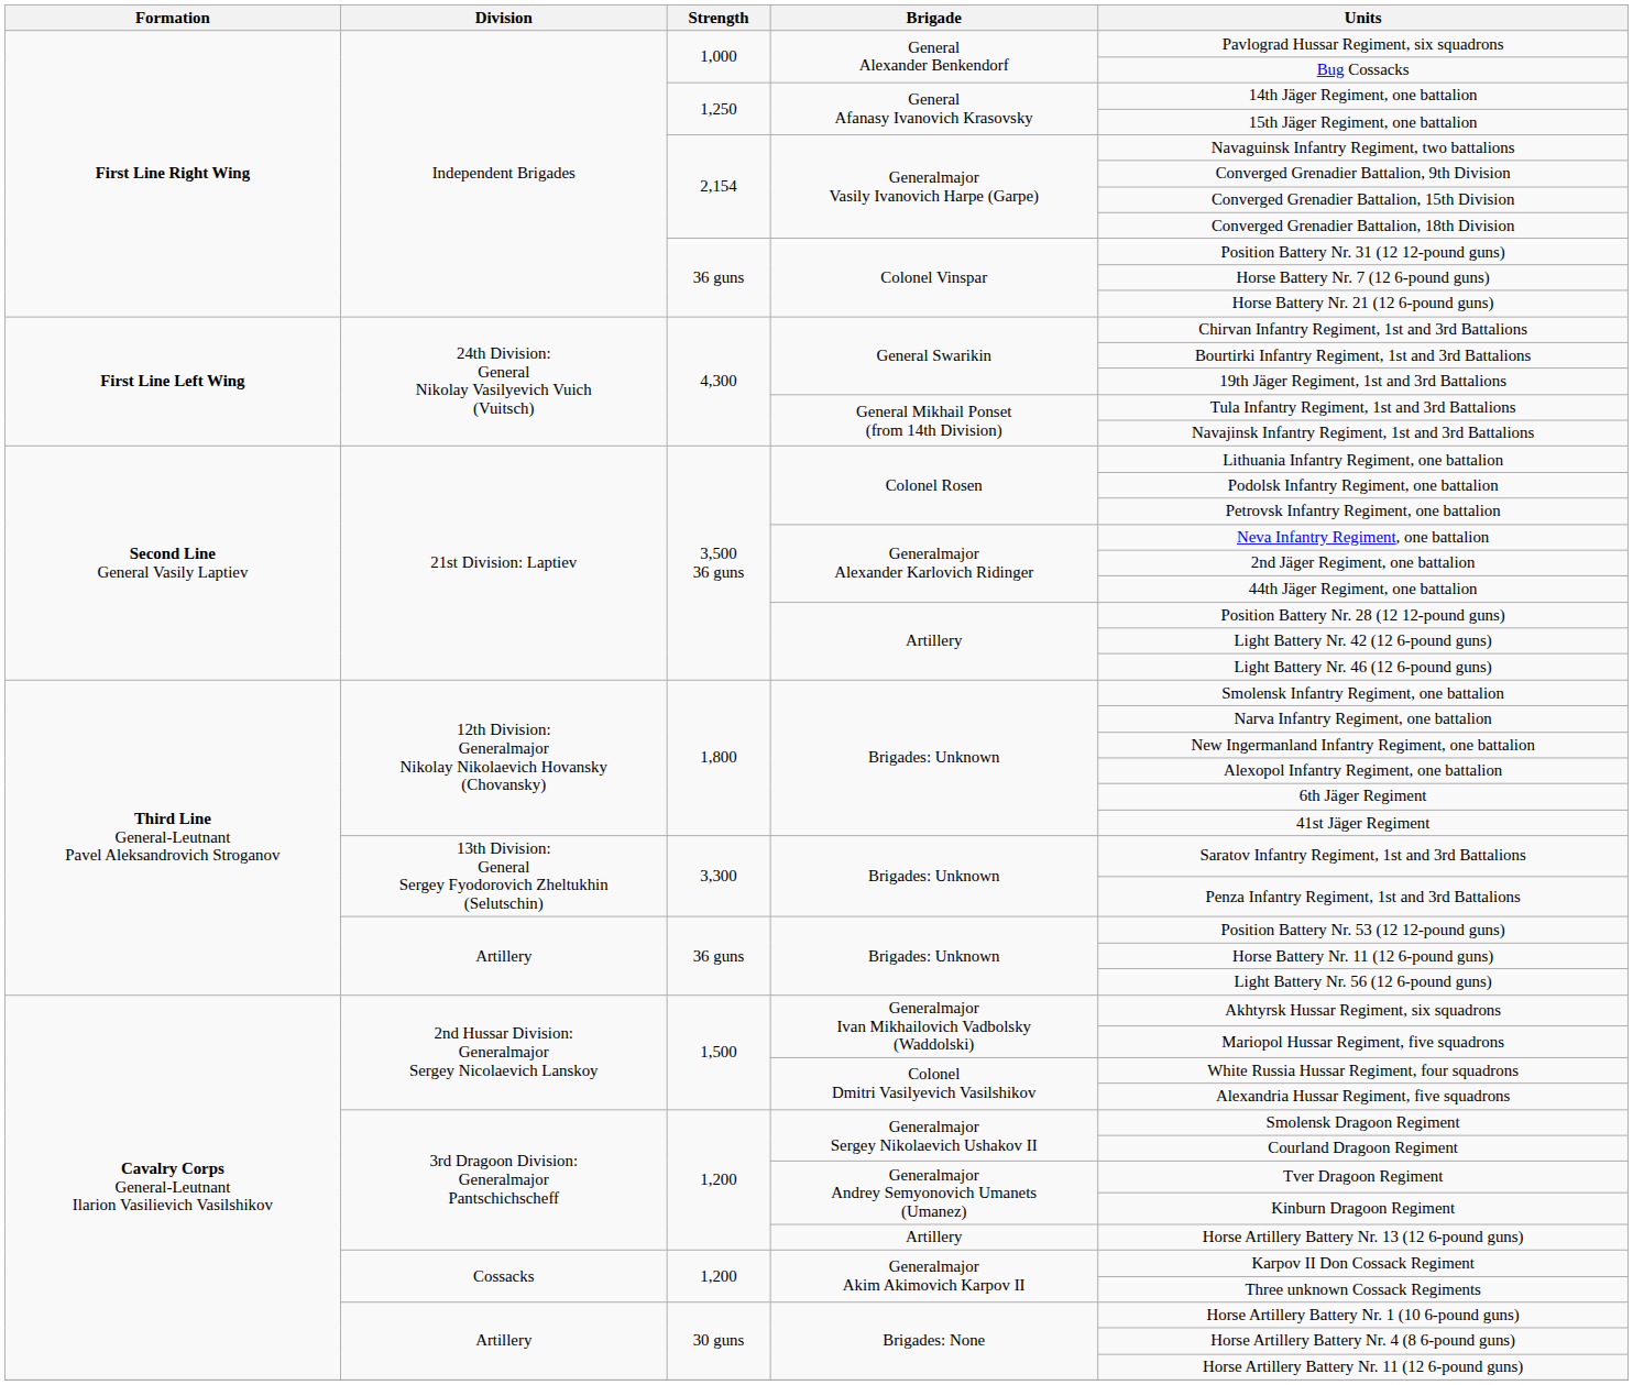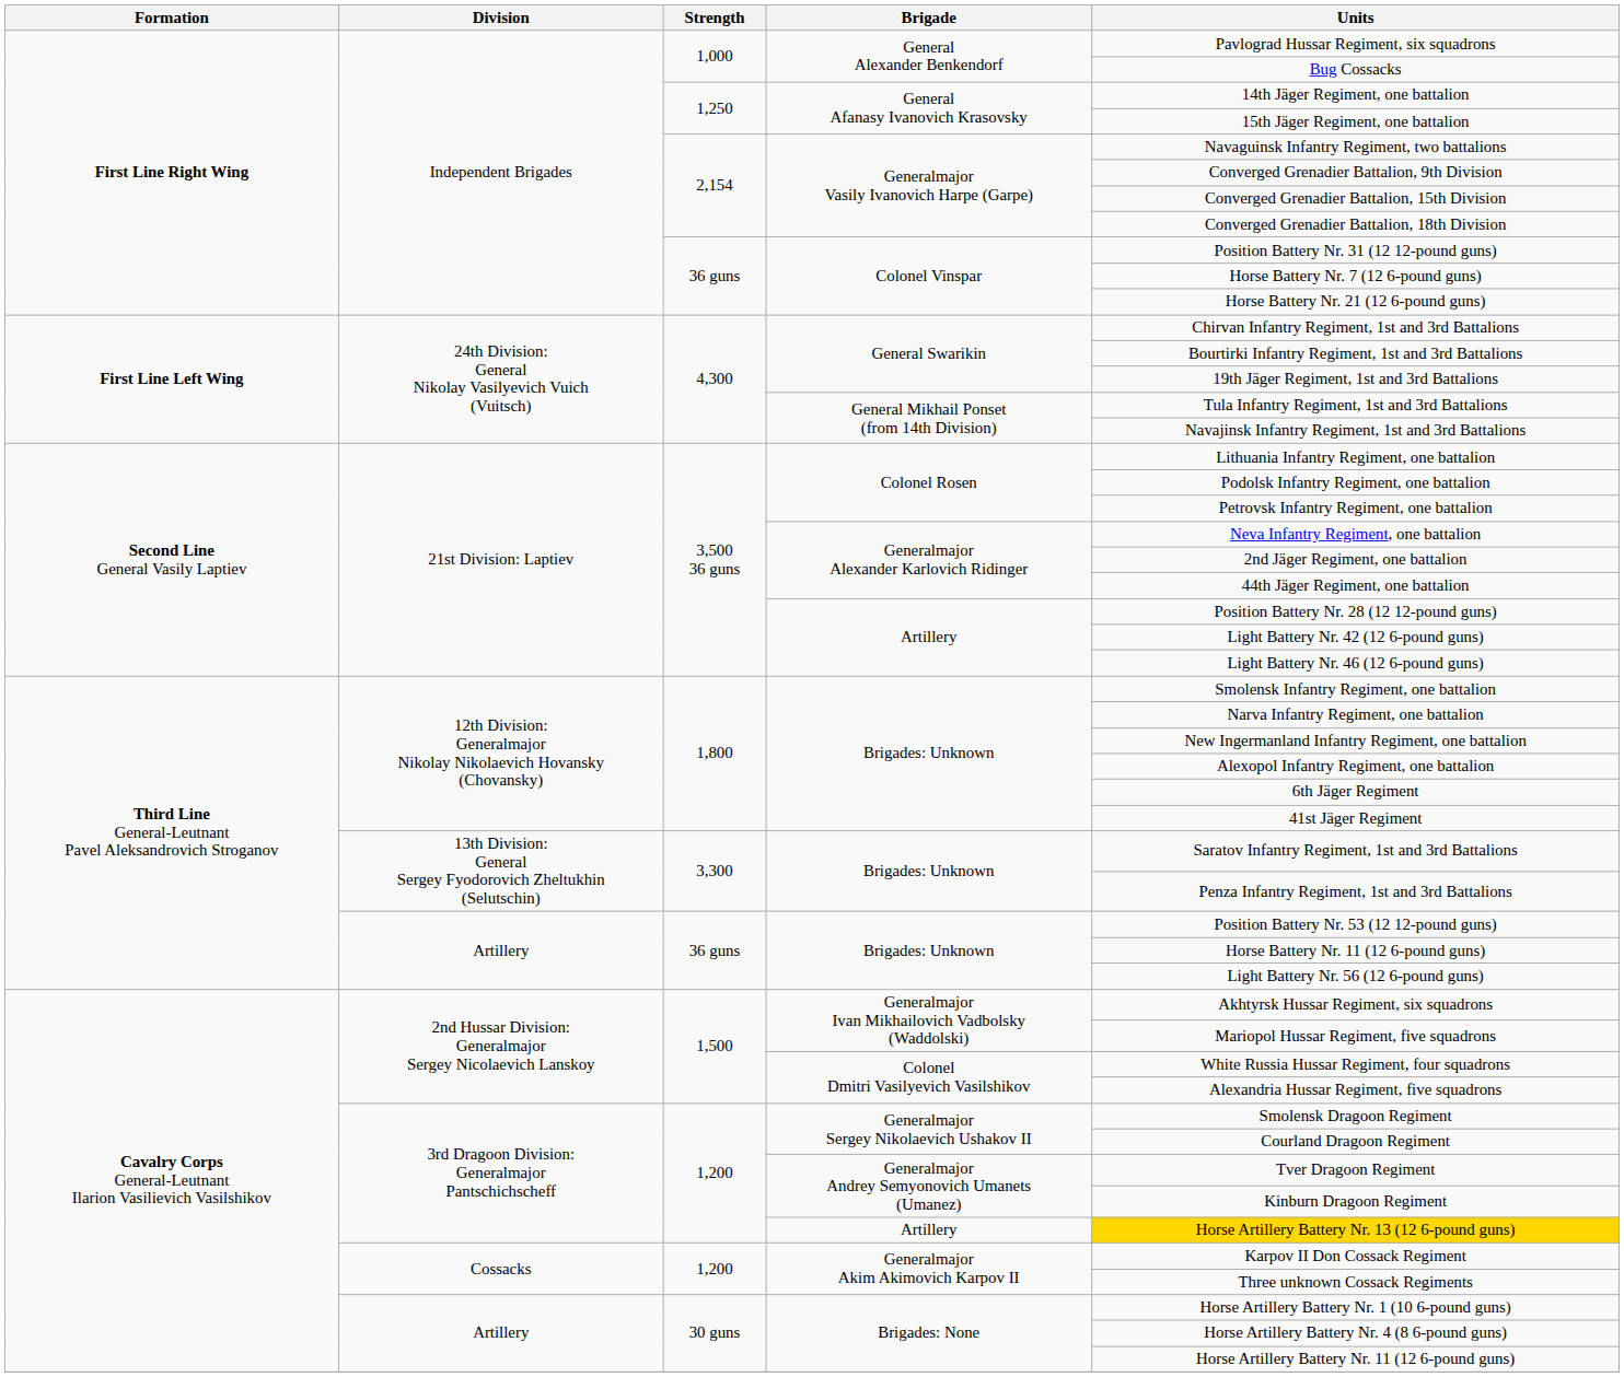 <table class="wikitable collapsible collapsed" style="text-align:center; width:80%;">
 <tr>
 <th>Formation</th>
 <th>Division</th>
 <th>Strength</th>
 <th>Brigade</th>
 <th>Units</th>
 </tr>
 <tr>
 <td ROWSPAN=11><strong>First Line Right Wing</strong></td>
 <td ROWSPAN=11>Independent Brigades</td>
 <td ROWSPAN=2>1,000</td>
 <td ROWSPAN=2>General<br>Alexander Benkendorf</td>
 <td>Pavlograd Hussar Regiment, six squadrons</td>
 </tr>
 <tr>
 <td><a href='#'>Bug</a> Cossacks</td>
 </tr>
 <tr>
 <td ROWSPAN=2>1,250</td>
 <td ROWSPAN=2>General<br>Afanasy Ivanovich Krasovsky</td>
 <td>14th Jäger Regiment, one battalion</td>
 </tr>
 <tr>
 <td>15th Jäger Regiment, one battalion</td>
 </tr>
 <tr>
 <td ROWSPAN=4>2,154</td>
 <td ROWSPAN=4>Generalmajor<br>Vasily Ivanovich Harpe (Garpe)</td>
 <td>Navaguinsk Infantry Regiment, two battalions</td>
 </tr>
 <tr>
 <td>Converged Grenadier Battalion, 9th Division</td>
 </tr>
 <tr>
 <td>Converged Grenadier Battalion, 15th Division</td>
 </tr>
 <tr>
 <td>Converged Grenadier Battalion, 18th Division</td>
 </tr>
 <tr>
 <td ROWSPAN=3>36 guns</td>
 <td ROWSPAN=3>Colonel Vinspar</td>
 <td>Position Battery Nr. 31 (12 12-pound guns)</td>
 </tr>
 <tr>
 <td>Horse Battery Nr. 7 (12 6-pound guns)</td>
 </tr>
 <tr>
 <td>Horse Battery Nr. 21 (12 6-pound guns)</td>
 </tr>
 <tr>
 <td ROWSPAN=5><strong>First Line Left Wing</strong></td>
 <td ROWSPAN=5>24th Division:<br>General<br>Nikolay Vasilyevich Vuich<br>(Vuitsch)</td>
 <td ROWSPAN=5>4,300</td>
 <td ROWSPAN=3>General Swarikin</td>
 <td>Chirvan Infantry Regiment, 1st and 3rd Battalions</td>
 </tr>
 <tr>
 <td>Bourtirki Infantry Regiment, 1st and 3rd Battalions</td>
 </tr>
 <tr>
 <td>19th Jäger Regiment, 1st and 3rd Battalions</td>
 </tr>
 <tr>
 <td ROWSPAN=2>General Mikhail Ponset<br>(from 14th Division)</td>
 <td>Tula Infantry Regiment, 1st and 3rd Battalions</td>
 </tr>
 <tr>
 <td>Navajinsk Infantry Regiment, 1st and 3rd Battalions</td>
 </tr>
 <tr>
 <td ROWSPAN=9><strong>Second Line</strong><br>General Vasily Laptiev</td>
 <td ROWSPAN=9>21st Division: Laptiev</td>
 <td ROWSPAN=9>3,500<br>36 guns</td>
 <td ROWSPAN=3>Colonel Rosen</td>
 <td>Lithuania Infantry Regiment, one battalion</td>
 </tr>
 <tr>
 <td>Podolsk Infantry Regiment, one battalion</td>
 </tr>
 <tr>
 <td>Petrovsk Infantry Regiment, one battalion</td>
 </tr>
 <tr>
 <td ROWSPAN=3>Generalmajor<br>Alexander Karlovich Ridinger</td>
 <td><a href='#'>Neva Infantry Regiment</a>, one battalion</td>
 </tr>
 <tr>
 <td>2nd Jäger Regiment, one battalion</td>
 </tr>
 <tr>
 <td>44th Jäger Regiment, one battalion</td>
 </tr>
 <tr>
 <td ROWSPAN=3>Artillery</td>
 <td>Position Battery Nr. 28 (12 12-pound guns)</td>
 </tr>
 <tr>
 <td>Light Battery Nr. 42 (12 6-pound guns)</td>
 </tr>
 <tr>
 <td>Light Battery Nr. 46 (12 6-pound guns)</td>
 </tr>
 <tr>
 <td ROWSPAN=11><strong>Third Line</strong><br>General-Leutnant<br>Pavel Aleksandrovich Stroganov</td>
 <td ROWSPAN=6>12th Division:<br>Generalmajor<br>Nikolay Nikolaevich Hovansky<br>(Chovansky)</td>
 <td ROWSPAN=6>1,800</td>
 <td ROWSPAN=6>Brigades: Unknown</td>
 <td>Smolensk Infantry Regiment, one battalion</td>
 </tr>
 <tr>
 <td>Narva Infantry Regiment, one battalion</td>
 </tr>
 <tr>
 <td>New Ingermanland Infantry Regiment, one battalion</td>
 </tr>
 <tr>
 <td>Alexopol Infantry Regiment, one battalion</td>
 </tr>
 <tr>
 <td>6th Jäger Regiment</td>
 </tr>
 <tr>
 <td>41st Jäger Regiment</td>
 </tr>
 <tr>
 <td ROWSPAN=2>13th Division:<br>General<br>Sergey Fyodorovich Zheltukhin<br>(Selutschin)</td>
 <td ROWSPAN=2>3,300</td>
 <td ROWSPAN=2>Brigades: Unknown</td>
 <td>Saratov Infantry Regiment, 1st and 3rd Battalions</td>
 </tr>
 <tr>
 <td>Penza Infantry Regiment, 1st and 3rd Battalions</td>
 </tr>
 <tr>
 <td ROWSPAN=3>Artillery</td>
 <td ROWSPAN=3>36 guns</td>
 <td ROWSPAN=3>Brigades: Unknown</td>
 <td>Position Battery Nr. 53 (12 12-pound guns)</td>
 </tr>
 <tr>
 <td>Horse Battery Nr. 11 (12 6-pound guns)</td>
 </tr>
 <tr>
 <td>Light Battery Nr. 56 (12 6-pound guns)</td>
 </tr>
 <tr>
 <td ROWSPAN=14><strong>Cavalry Corps</strong><br>General-Leutnant<br>Ilarion Vasilievich Vasilshikov</td>
 <td ROWSPAN=4>2nd Hussar Division:<br>Generalmajor<br>Sergey Nicolaevich Lanskoy</td>
 <td ROWSPAN=4>1,500</td>
 <td ROWSPAN=2>Generalmajor<br>Ivan Mikhailovich Vadbolsky<br>(Waddolski)</td>
 <td>Akhtyrsk Hussar Regiment, six squadrons</td>
 </tr>
 <tr>
 <td>Mariopol Hussar Regiment, five squadrons</td>
 </tr>
 <tr>
 <td ROWSPAN=2>Colonel<br>Dmitri Vasilyevich Vasilshikov</td>
 <td>White Russia Hussar Regiment, four squadrons</td>
 </tr>
 <tr>
 <td>Alexandria Hussar Regiment, five squadrons</td>
 </tr>
 <tr>
 <td ROWSPAN=5>3rd Dragoon Division:<br>Generalmajor<br>Pantschichscheff</td>
 <td ROWSPAN=5>1,200</td>
 <td ROWSPAN=2>Generalmajor<br>Sergey Nikolaevich Ushakov II</td>
 <td>Smolensk Dragoon Regiment</td>
 </tr>
 <tr>
 <td>Courland Dragoon Regiment</td>
 </tr>
 <tr>
 <td ROWSPAN=2>Generalmajor<br>Andrey Semyonovich Umanets<br>(Umanez)</td>
 <td>Tver Dragoon Regiment</td>
 </tr>
 <tr>
 <td>Kinburn Dragoon Regiment</td>
 </tr>
 <tr>
 <td ROWSPAN=1>Artillery</td>
-<td>Horse Artillery Battery Nr. 13 (12 6-pound guns)</td>
+<td style="background: gold;">Horse Artillery Battery Nr. 13 (12 6-pound guns)</td>
 </tr>
 <tr>
 <td ROWSPAN=2>Cossacks</td>
 <td ROWSPAN=2>1,200</td>
 <td ROWSPAN=2>Generalmajor<br>Akim Akimovich Karpov II</td>
 <td>Karpov II Don Cossack Regiment</td>
 </tr>
 <tr>
 <td>Three unknown Cossack Regiments</td>
 </tr>
 <tr>
 <td ROWSPAN=3>Artillery</td>
 <td ROWSPAN=3>30 guns</td>
 <td ROWSPAN=3>Brigades: None</td>
 <td>Horse Artillery Battery Nr. 1 (10 6-pound guns)</td>
 </tr>
 <tr>
 <td>Horse Artillery Battery Nr. 4 (8 6-pound guns)</td>
 </tr>
 <tr>
 <td>Horse Artillery Battery Nr. 11 (12 6-pound guns)</td>
 </tr>
 <tr>
 </tr>
 </table>
